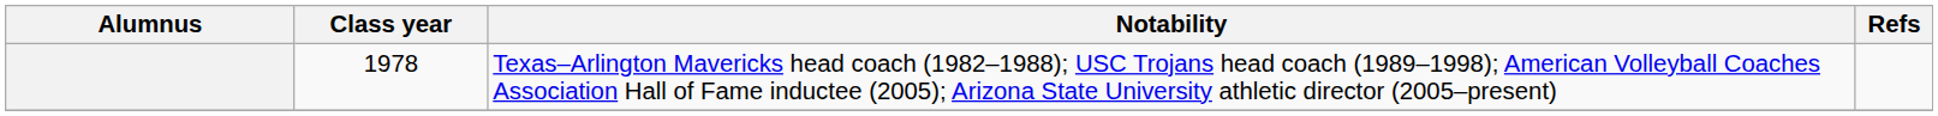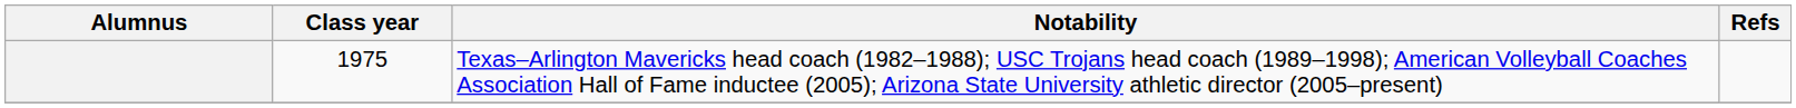 <table class="wikitable plainrowheaders sortable" width=100%>
 <tr valign="top">
 <th scope="col" width="15%">Alumnus</th>
 <th scope="col" width="10%">Class year</th>
 <th scope="col" width="71%" class="unsortable">Notability</th>
 <th scope="col" width="12%" class="unsortable">Refs</th>
 </tr>
 <tr valign="top">
 <th scope="row"></th>
-<td align="center">1978</td>
+<td align="center">1975</td>
 <td><a href='#'>Texas–Arlington Mavericks</a> head coach (1982–1988); <a href='#'>USC Trojans</a> head coach (1989–1998); <a href='#'>American Volleyball Coaches Association</a> Hall of Fame inductee (2005); <a href='#'>Arizona State University</a> athletic director (2005–present)</td>
 <td align="center"></td>
 </tr>
 <tr>
 </tr>
 </table>
